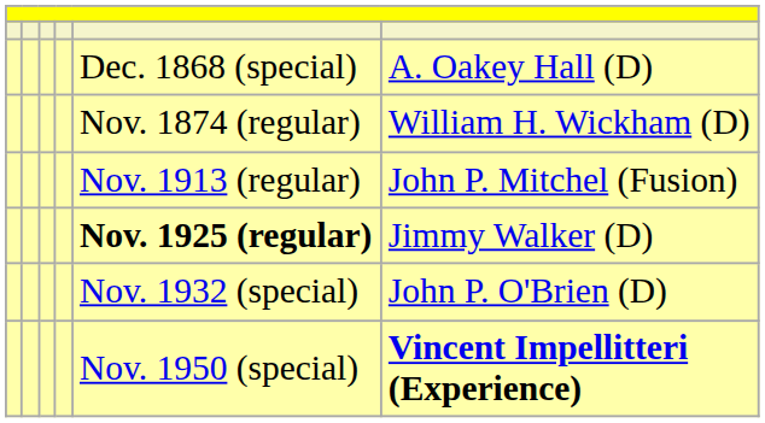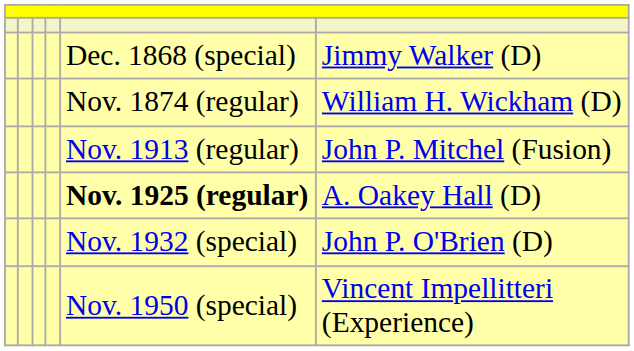 <table class="wikitable" style="background:#ffa;">
 <tr>
 <td colspan="6" style="background:yellow;"></td>
 </tr>
 <tr>
 <td style="background:#f5f5cc;"></td>
 <td style="background:#f5f5cc;"></td>
 <td style="background:#f5f5cc;"></td>
 <td style="background:#f5f5cc;"></td>
 <td style="background:#f5f5cc;"></td>
 <td style="background:#f5f5cc;"></td>
 </tr>
 <tr>
 <td></td>
 <td></td>
 <td></td>
 <td></td>
 <td>Dec. 1868 (special)</td>
-<td><a href='#'>A. Oakey Hall</a> (D)</td>
+<td><a href='#'>Jimmy Walker</a> (D)</td>
 </tr>
 <tr>
 <td></td>
 <td></td>
 <td></td>
 <td></td>
 <td>Nov. 1874 (regular)</td>
 <td><a href='#'>William H. Wickham</a> (D)</td>
 </tr>
 <tr>
 <td></td>
 <td></td>
 <td></td>
 <td></td>
 <td><a href='#'>Nov. 1913</a> (regular)</td>
 <td><a href='#'>John P. Mitchel</a> (Fusion)</td>
 </tr>
 <tr>
 <td></td>
 <td></td>
 <td></td>
 <td></td>
 <td><strong>Nov. 1925 (regular)</strong></td>
-<td><a href='#'>Jimmy Walker</a> (D)</td>
+<td><a href='#'>A. Oakey Hall</a> (D)</td>
 </tr>
 <tr>
 <td></td>
 <td></td>
 <td></td>
 <td></td>
 <td><a href='#'>Nov. 1932</a> (special)</td>
 <td><a href='#'>John P. O'Brien</a> (D)</td>
 </tr>
 <tr>
 <td></td>
 <td></td>
 <td></td>
 <td></td>
 <td><a href='#'>Nov. 1950</a> (special)</td>
-<td><strong><a href='#'>Vincent Impellitteri</a> <br>(Experience)</strong></td>
+<td><a href='#'>Vincent Impellitteri</a> <br>(Experience)</td>
 </tr>
 </table>
